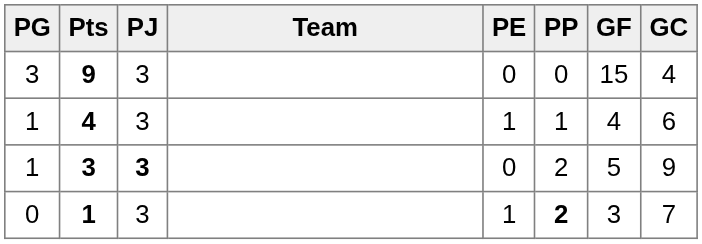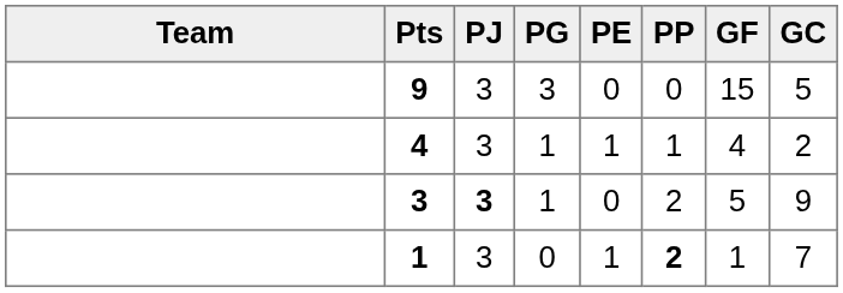 <table style=border-collapse:collapse border=1 cellspacing=0 cellpadding=5>
 <tr align=center bgcolor=#efefef>
-<th width=20>PG</th>
+<th width=185>Team</th>
 <th width=20>Pts</th>
 <th width=20>PJ</th>
-<th width=185>Team</th>
+<th width=20>PG</th>
 <th width=20>PE</th>
 <th width=20>PP</th>
 <th width=20>GF</th>
 <th width=20>GC</th>
 </tr>
 <tr align=center>
-<td>3</td>
+<td style="text-align:left;"><strong></strong></td>
 <td><strong>9</strong></td>
 <td>3</td>
-<td style="text-align:left;"><strong></strong></td>
+<td>3</td>
 <td>0</td>
 <td>0</td>
 <td>15</td>
-<td>4</td>
+<td>5</td>
 </tr>
 <tr align=center>
-<td>1</td>
+<td style="text-align:left;"></td>
 <td><strong>4</strong></td>
 <td>3</td>
-<td style="text-align:left;"></td>
+<td>1</td>
 <td>1</td>
 <td>1</td>
 <td>4</td>
-<td>6</td>
+<td>2</td>
 </tr>
 <tr align=center>
-<td>1</td>
+<td style="text-align:left;"></td>
 <td><strong>3</strong></td>
 <td><strong>3</strong></td>
-<td style="text-align:left;"></td>
+<td>1</td>
 <td>0</td>
 <td>2</td>
 <td>5</td>
 <td>9</td>
 </tr>
 <tr align=center>
-<td>0</td>
+<td style="text-align:left;"></td>
 <td><strong>1</strong></td>
 <td>3</td>
-<td style="text-align:left;"></td>
+<td>0</td>
 <td>1</td>
 <td><strong>2</strong></td>
-<td>3</td>
+<td>1</td>
 <td>7</td>
 </tr>
 </table>
